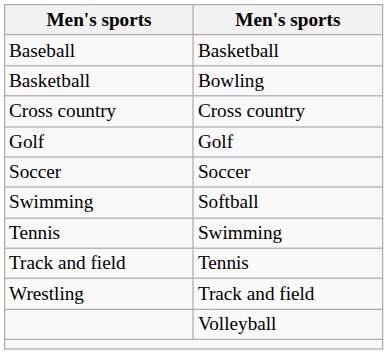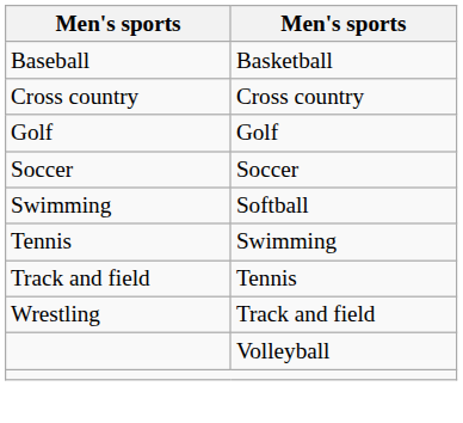 <table class="wikitable"; style= "text-align: ">
 <tr>
 <th width=150px>Men's sports</th>
 <th width=150px>Men's sports</th>
 </tr>
 <tr>
 <td>Baseball</td>
 <td>Basketball</td>
-</tr>
-<tr>
-<td>Basketball</td>
-<td>Bowling</td>
 </tr>
 <tr>
 <td>Cross country</td>
 <td>Cross country</td>
 </tr>
 <tr>
 <td>Golf</td>
 <td>Golf</td>
 </tr>
 <tr>
 <td>Soccer</td>
 <td>Soccer</td>
 </tr>
 <tr>
 <td>Swimming</td>
 <td>Softball</td>
 </tr>
 <tr>
 <td>Tennis</td>
 <td>Swimming</td>
 </tr>
 <tr>
 <td>Track and field</td>
 <td>Tennis</td>
 </tr>
 <tr>
 <td>Wrestling</td>
 <td>Track and field</td>
 </tr>
 <tr>
 <td></td>
 <td>Volleyball</td>
 </tr>
 <tr>
 <td colspan=2></td>
 </tr>
 </table>
